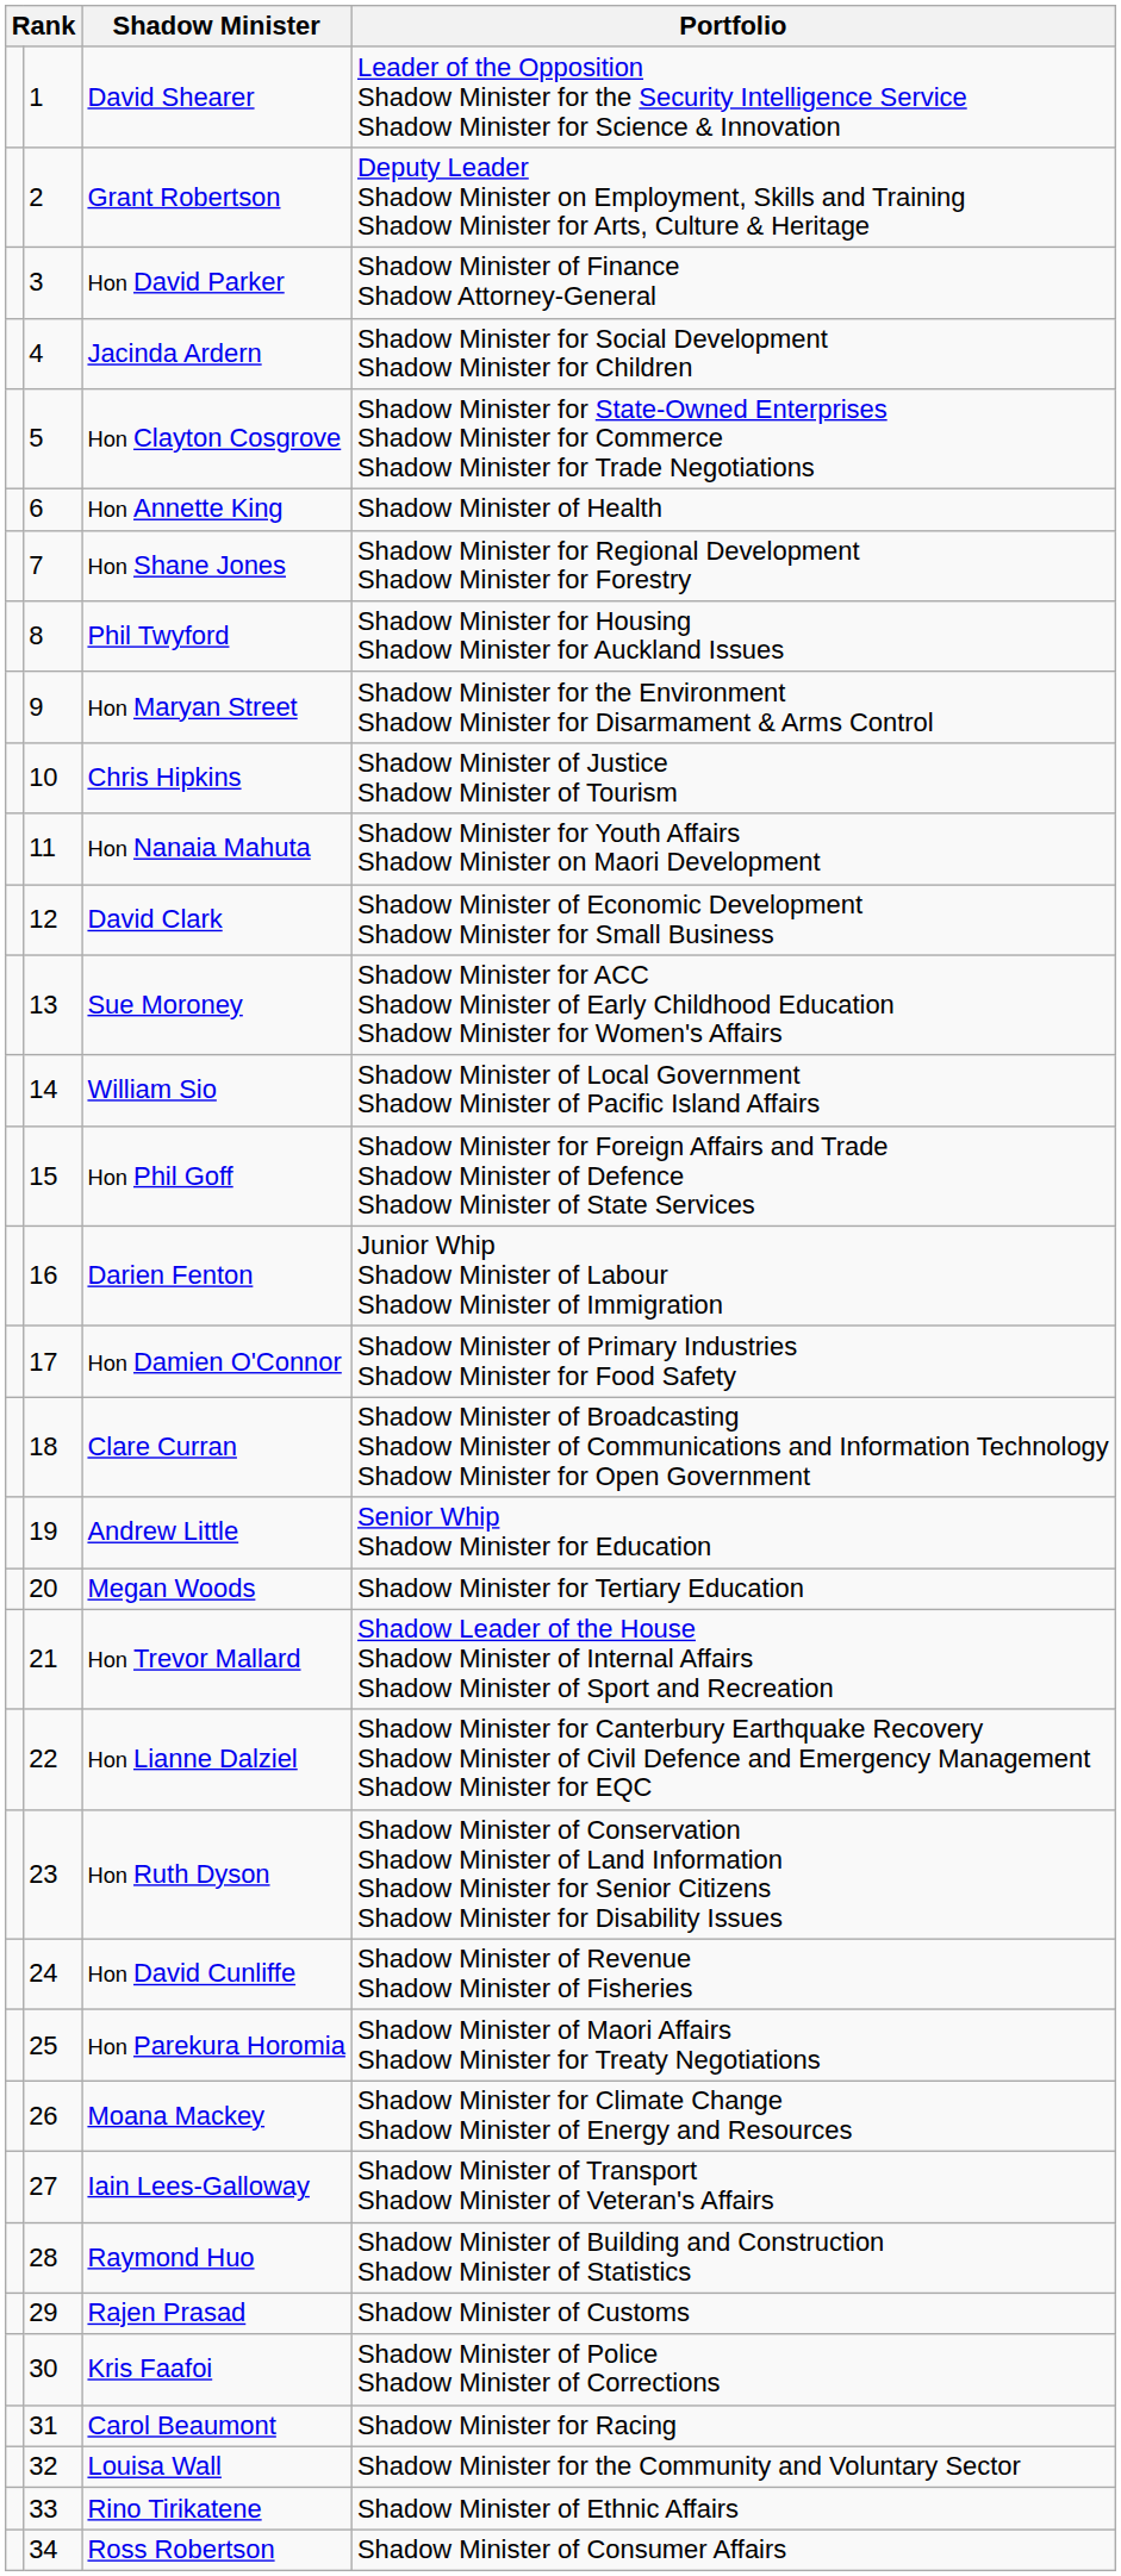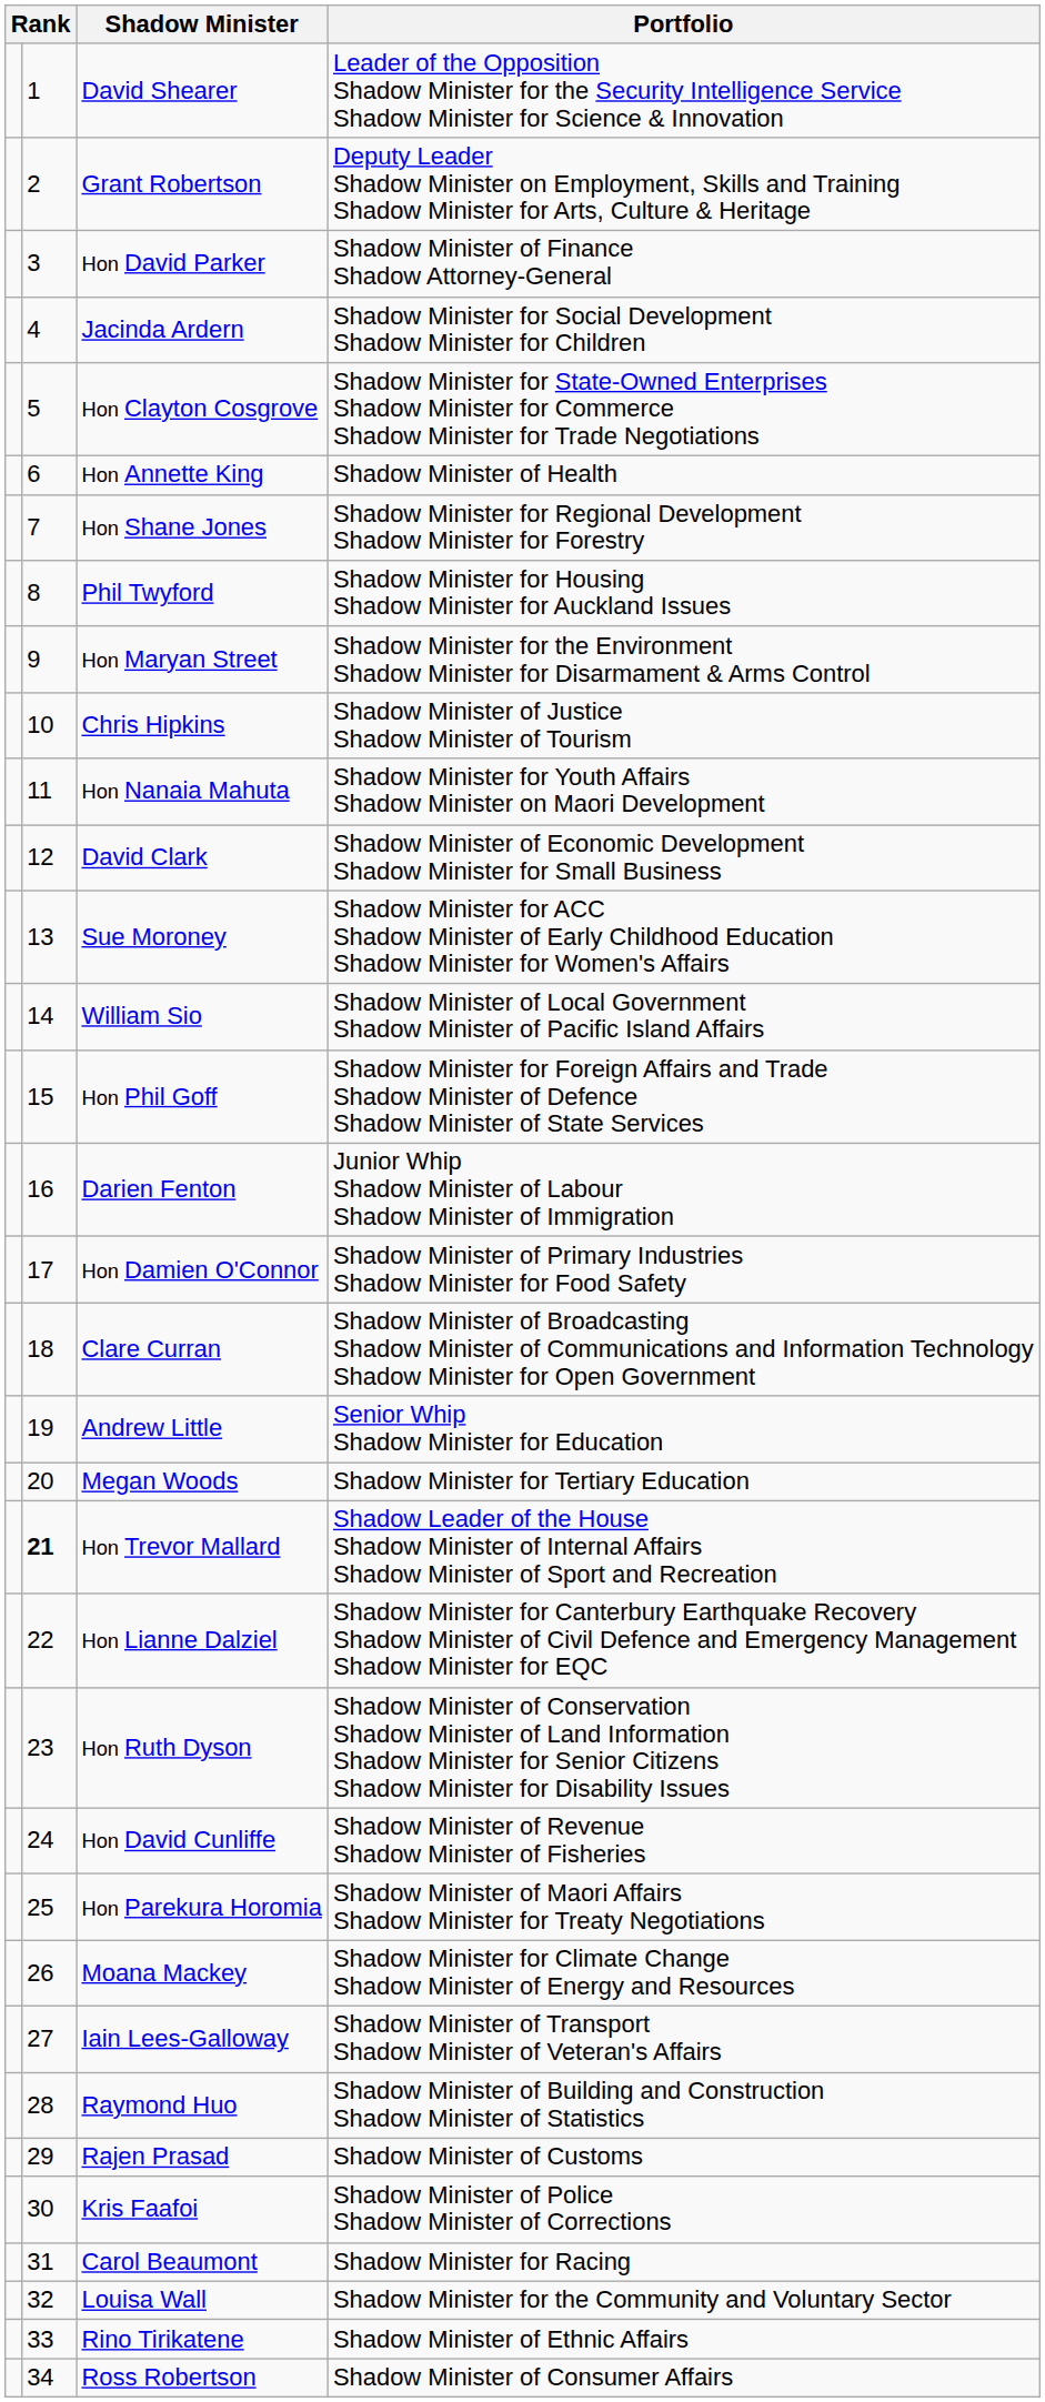 <table class="wikitable">
 <tr>
 <th colspan="2">Rank</th>
 <th>Shadow Minister</th>
 <th>Portfolio</th>
 </tr>
 <tr>
 <td bgcolor=></td>
 <td>1</td>
 <td><a href='#'>David Shearer</a></td>
 <td><a href='#'>Leader of the Opposition</a><br>Shadow Minister for the <a href='#'>Security Intelligence Service</a><br>Shadow Minister for Science & Innovation</td>
 </tr>
 <tr>
 <td bgcolor=></td>
 <td>2</td>
 <td><a href='#'>Grant Robertson</a></td>
 <td><a href='#'>Deputy Leader</a><br>Shadow Minister on Employment, Skills and Training<br>Shadow Minister for Arts, Culture & Heritage</td>
 </tr>
 <tr>
 <td bgcolor=></td>
 <td>3</td>
 <td><small>Hon </small><a href='#'>David Parker</a></td>
 <td>Shadow Minister of Finance<br>Shadow Attorney-General</td>
 </tr>
 <tr>
 <td bgcolor=></td>
 <td>4</td>
 <td><a href='#'>Jacinda Ardern</a></td>
 <td>Shadow Minister for Social Development<br>Shadow Minister for Children</td>
 </tr>
 <tr>
 <td bgcolor=></td>
 <td>5</td>
 <td><small>Hon </small><a href='#'>Clayton Cosgrove</a></td>
 <td>Shadow Minister for <a href='#'>State-Owned Enterprises</a><br>Shadow Minister for Commerce<br>Shadow Minister for Trade Negotiations</td>
 </tr>
 <tr>
 <td bgcolor=></td>
 <td>6</td>
 <td><small>Hon </small><a href='#'>Annette King</a></td>
 <td>Shadow Minister of Health</td>
 </tr>
 <tr>
 <td bgcolor=></td>
 <td>7</td>
 <td><small>Hon </small><a href='#'>Shane Jones</a></td>
 <td>Shadow Minister for Regional Development<br>Shadow Minister for Forestry</td>
 </tr>
 <tr>
 <td bgcolor=></td>
 <td>8</td>
 <td><a href='#'>Phil Twyford</a></td>
 <td>Shadow Minister for Housing<br>Shadow Minister for Auckland Issues</td>
 </tr>
 <tr>
 <td bgcolor=></td>
 <td>9</td>
 <td><small>Hon </small><a href='#'>Maryan Street</a></td>
 <td>Shadow Minister for the Environment<br>Shadow Minister for Disarmament & Arms Control</td>
 </tr>
 <tr>
 <td bgcolor=></td>
 <td>10</td>
 <td><a href='#'>Chris Hipkins</a></td>
 <td>Shadow Minister of Justice<br>Shadow Minister of Tourism</td>
 </tr>
 <tr>
 <td bgcolor=></td>
 <td>11</td>
 <td><small>Hon </small><a href='#'>Nanaia Mahuta</a></td>
 <td>Shadow Minister for Youth Affairs<br>Shadow Minister on Maori Development</td>
 </tr>
 <tr>
 <td bgcolor=></td>
 <td>12</td>
 <td><a href='#'>David Clark</a></td>
 <td>Shadow Minister of Economic Development<br>Shadow Minister for Small Business</td>
 </tr>
 <tr>
 <td bgcolor=></td>
 <td>13</td>
 <td><a href='#'>Sue Moroney</a></td>
 <td>Shadow Minister for ACC<br>Shadow Minister of Early Childhood Education<br>Shadow Minister for Women's Affairs</td>
 </tr>
 <tr>
 <td bgcolor=></td>
 <td>14</td>
 <td><a href='#'>William Sio</a></td>
 <td>Shadow Minister of Local Government<br>Shadow Minister of Pacific Island Affairs</td>
 </tr>
 <tr>
 <td bgcolor=></td>
 <td>15</td>
 <td><small>Hon </small><a href='#'>Phil Goff</a></td>
 <td>Shadow Minister for Foreign Affairs and Trade<br>Shadow Minister of Defence<br>Shadow Minister of State Services</td>
 </tr>
 <tr>
 <td bgcolor=></td>
 <td>16</td>
 <td><a href='#'>Darien Fenton</a></td>
 <td>Junior Whip<br>Shadow Minister of Labour<br>Shadow Minister of Immigration</td>
 </tr>
 <tr>
 <td bgcolor=></td>
 <td>17</td>
 <td><small>Hon </small><a href='#'>Damien O'Connor</a></td>
 <td>Shadow Minister of Primary Industries<br>Shadow Minister for Food Safety</td>
 </tr>
 <tr>
 <td bgcolor=></td>
 <td>18</td>
 <td><a href='#'>Clare Curran</a></td>
 <td>Shadow Minister of Broadcasting<br>Shadow Minister of Communications and Information Technology<br>Shadow Minister for Open Government</td>
 </tr>
 <tr>
 <td bgcolor=></td>
 <td>19</td>
 <td><a href='#'>Andrew Little</a></td>
 <td><a href='#'>Senior Whip</a><br>Shadow Minister for Education</td>
 </tr>
 <tr>
 <td bgcolor=></td>
 <td>20</td>
 <td><a href='#'>Megan Woods</a></td>
 <td>Shadow Minister for Tertiary Education</td>
 </tr>
 <tr>
 <td bgcolor=></td>
-<td>21</td>
+<td><strong>21</strong></td>
 <td><small>Hon </small><a href='#'>Trevor Mallard</a></td>
 <td><a href='#'>Shadow Leader of the House</a><br>Shadow Minister of Internal Affairs<br>Shadow Minister of Sport and Recreation</td>
 </tr>
 <tr>
 <td bgcolor=></td>
 <td>22</td>
 <td><small>Hon </small><a href='#'>Lianne Dalziel</a></td>
 <td>Shadow Minister for Canterbury Earthquake Recovery<br>Shadow Minister of Civil Defence and Emergency Management<br>Shadow Minister for EQC</td>
 </tr>
 <tr>
 <td bgcolor=></td>
 <td>23</td>
 <td><small>Hon </small><a href='#'>Ruth Dyson</a></td>
 <td>Shadow Minister of Conservation<br>Shadow Minister of Land Information<br>Shadow Minister for Senior Citizens<br>Shadow Minister for Disability Issues</td>
 </tr>
 <tr>
 <td bgcolor=></td>
 <td>24</td>
 <td><small>Hon </small><a href='#'>David Cunliffe</a></td>
 <td>Shadow Minister of Revenue<br>Shadow Minister of Fisheries</td>
 </tr>
 <tr>
 <td bgcolor=></td>
 <td>25</td>
 <td><small>Hon </small><a href='#'>Parekura Horomia</a></td>
 <td>Shadow Minister of Maori Affairs<br>Shadow Minister for Treaty Negotiations</td>
 </tr>
 <tr>
 <td bgcolor=></td>
 <td>26</td>
 <td><a href='#'>Moana Mackey</a></td>
 <td>Shadow Minister for Climate Change<br>Shadow Minister of Energy and Resources</td>
 </tr>
 <tr>
 <td bgcolor=></td>
 <td>27</td>
 <td><a href='#'>Iain Lees-Galloway</a></td>
 <td>Shadow Minister of Transport<br>Shadow Minister of Veteran's Affairs</td>
 </tr>
 <tr>
 <td bgcolor=></td>
 <td>28</td>
 <td><a href='#'>Raymond Huo</a></td>
 <td>Shadow Minister of Building and Construction<br>Shadow Minister of Statistics</td>
 </tr>
 <tr>
 <td bgcolor=></td>
 <td>29</td>
 <td><a href='#'>Rajen Prasad</a></td>
 <td>Shadow Minister of Customs</td>
 </tr>
 <tr>
 <td bgcolor=></td>
 <td>30</td>
 <td><a href='#'>Kris Faafoi</a></td>
 <td>Shadow Minister of Police<br>Shadow Minister of Corrections</td>
 </tr>
 <tr>
 <td bgcolor=></td>
 <td>31</td>
 <td><a href='#'>Carol Beaumont</a></td>
 <td>Shadow Minister for Racing</td>
 </tr>
 <tr>
 <td bgcolor=></td>
 <td>32</td>
 <td><a href='#'>Louisa Wall</a></td>
 <td>Shadow Minister for the Community and Voluntary Sector</td>
 </tr>
 <tr>
 <td bgcolor=></td>
 <td>33</td>
 <td><a href='#'>Rino Tirikatene</a></td>
 <td>Shadow Minister of Ethnic Affairs</td>
 </tr>
 <tr>
 <td bgcolor=></td>
 <td>34</td>
 <td><a href='#'>Ross Robertson</a></td>
 <td>Shadow Minister of Consumer Affairs</td>
 </tr>
 </table>
